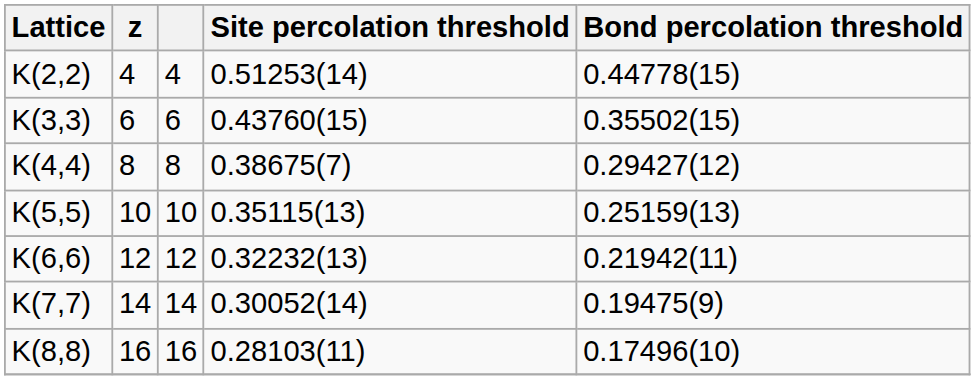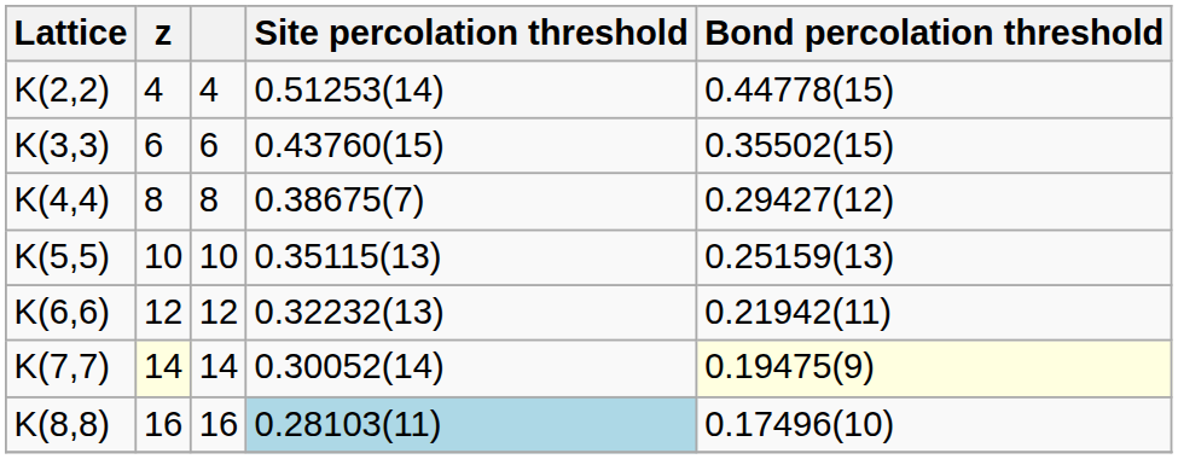 <table class="wikitable">
 <tr>
 <th>Lattice</th>
 <th>z</th>
 <th></th>
 <th>Site percolation threshold</th>
 <th>Bond percolation threshold</th>
 </tr>
 <tr>
 <td>K(2,2)</td>
 <td>4</td>
 <td>4</td>
 <td>0.51253(14)</td>
 <td>0.44778(15)</td>
 </tr>
 <tr>
 <td>K(3,3)</td>
 <td>6</td>
 <td>6</td>
 <td>0.43760(15)</td>
 <td>0.35502(15)</td>
 </tr>
 <tr>
 <td>K(4,4)</td>
 <td>8</td>
 <td>8</td>
 <td>0.38675(7)</td>
 <td>0.29427(12)</td>
 </tr>
 <tr>
 <td>K(5,5)</td>
 <td>10</td>
 <td>10</td>
 <td>0.35115(13)</td>
 <td>0.25159(13)</td>
 </tr>
 <tr>
 <td>K(6,6)</td>
 <td>12</td>
 <td>12</td>
 <td>0.32232(13)</td>
 <td>0.21942(11)</td>
 </tr>
 <tr>
 <td>K(7,7)</td>
-<td>14</td>
+<td style="background: lightyellow;">14</td>
 <td>14</td>
 <td>0.30052(14)</td>
-<td>0.19475(9)</td>
+<td style="background: lightyellow;">0.19475(9)</td>
 </tr>
 <tr>
 <td>K(8,8)</td>
 <td>16</td>
 <td>16</td>
-<td>0.28103(11)</td>
+<td style="background: lightblue;">0.28103(11)</td>
 <td>0.17496(10)</td>
 </tr>
 <tr>
 </tr>
 </table>
